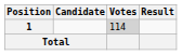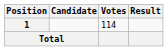 <table class="wikitable sortable col3right">
 <tr>
 <th scope="col">Position</th>
 <th scope="col">Candidate</th>
 <th scope="col">Votes</th>
 <th scope="col">Result</th>
 </tr>
 <tr>
 <th scope="row">1</th>
 <td></td>
-<td style="background: lightgrey;">114</td>
+<td>114</td>
 <td></td>
 </tr>
 <tr class="sortbottom">
 <th scope="row" colspan="2">Total</th>
 <th></th>
 <th></th>
 </tr>
 </table>
